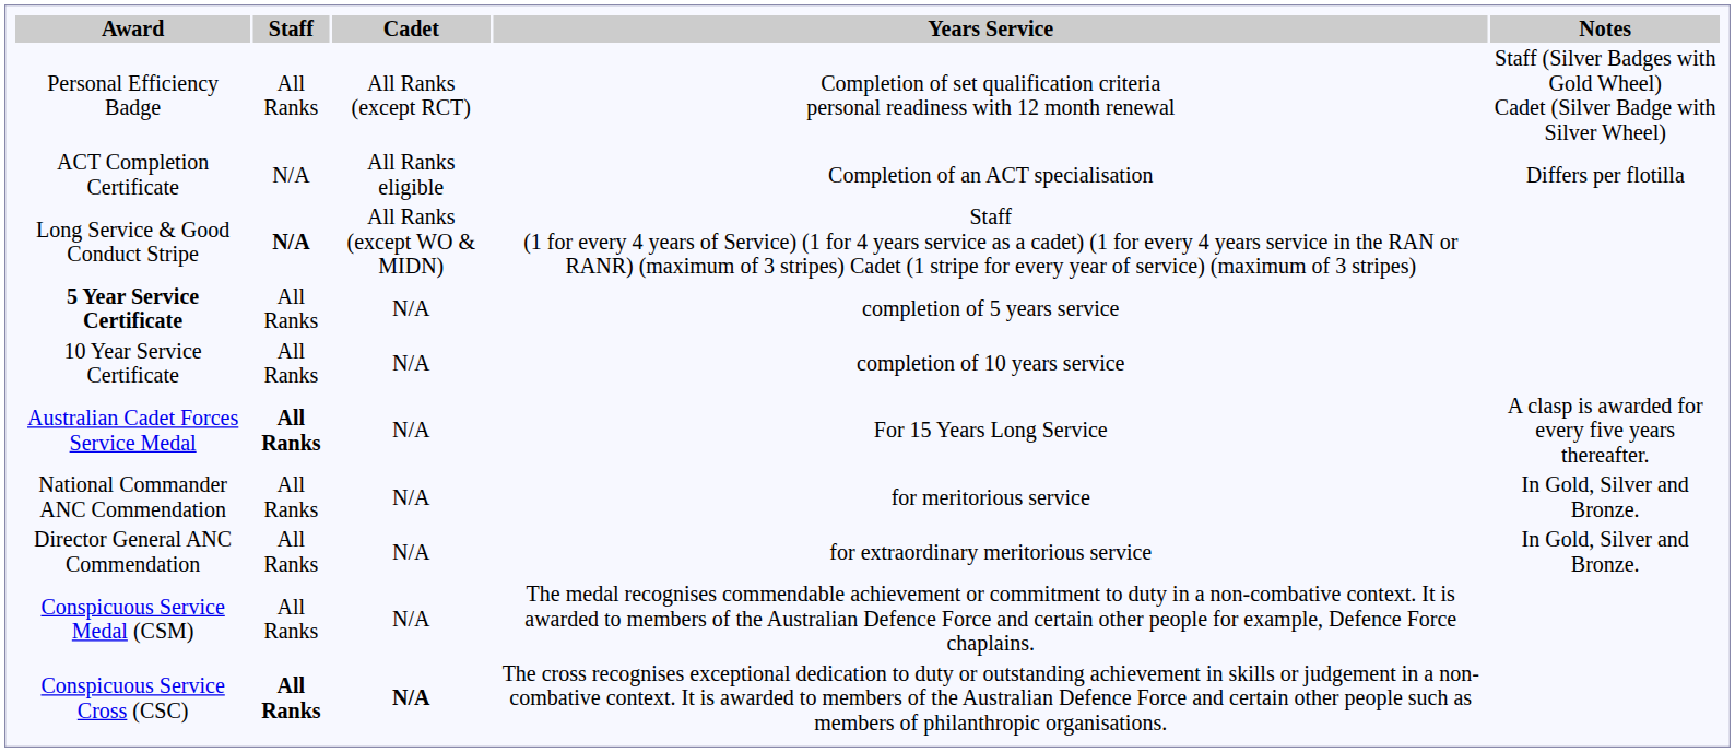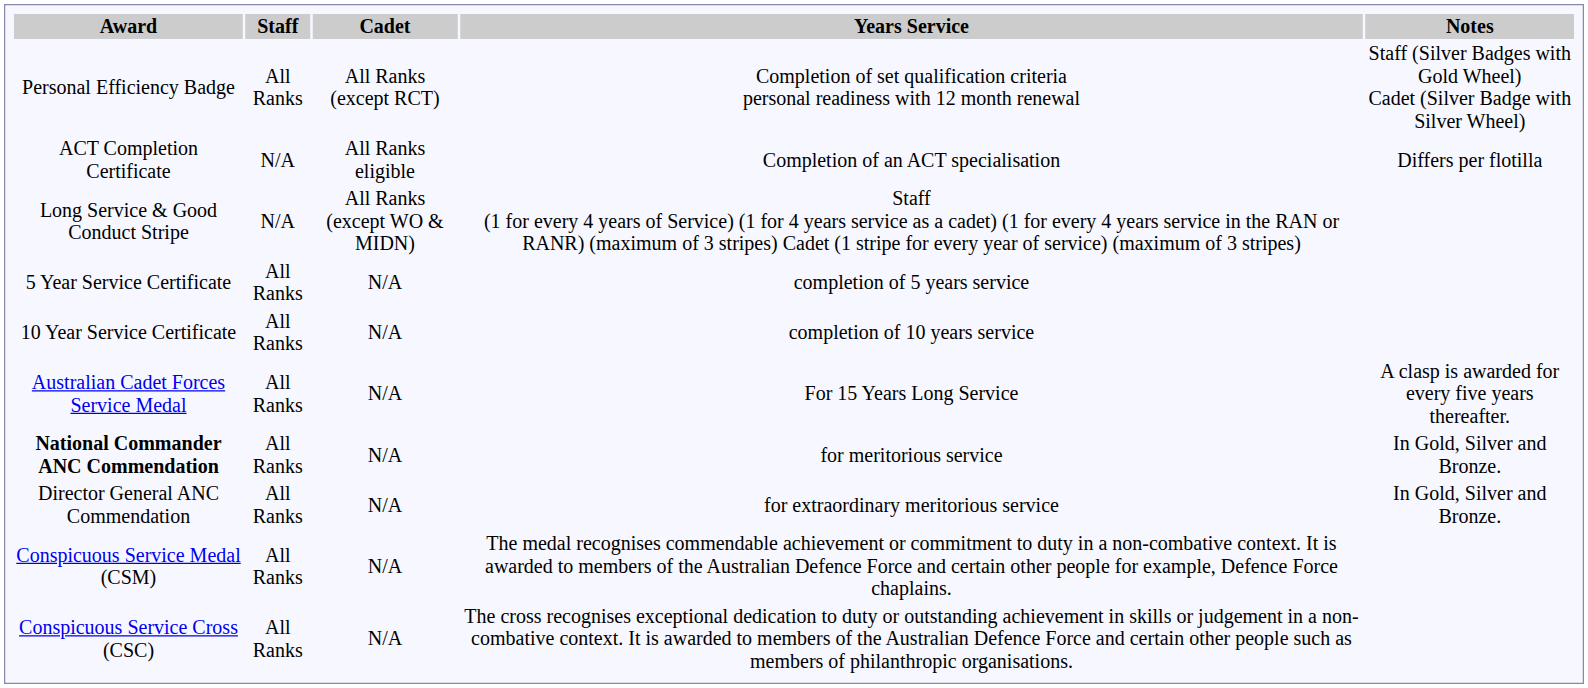 <table class="mw-collapsible" style="border:1px solid #8888aa; background:#f7f8ff; text-align:center; padding:5px;">
 <tr style="background:#CCCCCC">
 <th>Award</th>
 <th>Staff</th>
 <th>Cadet</th>
 <th>Years Service</th>
 <th>Notes</th>
 </tr>
 <tr>
 <td>Personal Efficiency Badge</td>
 <td>All Ranks</td>
 <td>All Ranks (except RCT)</td>
 <td>Completion of set qualification criteria<br>personal readiness with 12 month renewal</td>
 <td>Staff (Silver Badges with Gold Wheel)<br>Cadet (Silver Badge with Silver Wheel)</td>
 </tr>
 <tr>
 <td>ACT Completion Certificate</td>
 <td>N/A</td>
 <td>All Ranks eligible</td>
 <td>Completion of an ACT specialisation</td>
 <td>Differs per flotilla</td>
 </tr>
 <tr>
 <td>Long Service & Good Conduct Stripe</td>
-<td><strong>N/A</strong></td>
+<td>N/A</td>
 <td>All Ranks (except WO & MIDN)</td>
 <td>Staff<br>(1 for every 4 years of Service) (1 for 4 years service as a cadet) (1 for every 4 years service in the RAN or RANR) (maximum of 3 stripes) Cadet (1 stripe for every year of service) (maximum of 3 stripes)</td>
 <td></td>
 </tr>
 <tr>
-<td><strong>5 Year Service Certificate</strong></td>
+<td>5 Year Service Certificate</td>
 <td>All Ranks</td>
 <td>N/A</td>
 <td>completion of 5 years service</td>
 <td></td>
 </tr>
 <tr>
 <td>10 Year Service Certificate</td>
 <td>All Ranks</td>
 <td>N/A</td>
 <td>completion of 10 years service</td>
 <td></td>
 </tr>
 <tr>
 <td><a href='#'>Australian Cadet Forces Service Medal</a></td>
-<td><strong>All Ranks</strong></td>
+<td>All Ranks</td>
 <td>N/A</td>
 <td>For 15 Years Long Service</td>
 <td>A clasp is awarded for every five years thereafter.</td>
 </tr>
 <tr>
-<td>National Commander ANC Commendation</td>
+<td><strong>National Commander ANC Commendation</strong></td>
 <td>All Ranks</td>
 <td>N/A</td>
 <td>for meritorious service</td>
 <td>In Gold, Silver and Bronze.</td>
 </tr>
 <tr>
 <td>Director General ANC Commendation</td>
 <td>All Ranks</td>
 <td>N/A</td>
 <td>for extraordinary meritorious service</td>
 <td>In Gold, Silver and Bronze.</td>
 </tr>
 <tr>
 <td><a href='#'>Conspicuous Service Medal</a> (CSM)</td>
 <td>All Ranks</td>
 <td>N/A</td>
 <td>The medal recognises commendable achievement or commitment to duty in a non-combative context. It is awarded to members of the Australian Defence Force and certain other people for example, Defence Force chaplains.</td>
 <td></td>
 </tr>
 <tr>
 <td><a href='#'>Conspicuous Service Cross</a> (CSC)</td>
-<td><strong>All Ranks</strong></td>
-<td><strong>N/A</strong></td>
+<td>All Ranks</td>
+<td>N/A</td>
 <td>The cross recognises exceptional dedication to duty or outstanding achievement in skills or judgement in a non-combative context. It is awarded to members of the Australian Defence Force and certain other people such as members of philanthropic organisations.</td>
 <td></td>
 </tr>
 </table>
